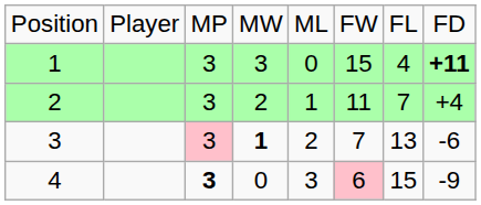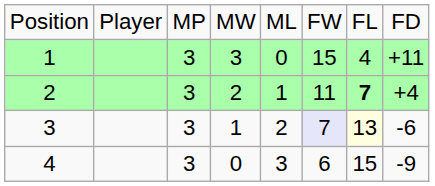 <table class="wikitable" style="text-align: center;">
 <tr>
 <td>Position</td>
 <td>Player</td>
 <td>MP</td>
 <td>MW</td>
 <td>ML</td>
 <td>FW</td>
 <td>FL</td>
 <td>FD</td>
 </tr>
 <tr style="background:#afa;">
 <td>1</td>
 <td style="text-align:left;"></td>
 <td>3</td>
 <td>3</td>
 <td>0</td>
 <td>15</td>
 <td>4</td>
-<td><strong>+11</strong></td>
+<td>+11</td>
 </tr>
 <tr style="background:#afa;">
 <td>2</td>
 <td style="text-align:left;"></td>
 <td>3</td>
 <td>2</td>
 <td>1</td>
 <td>11</td>
-<td>7</td>
+<td><strong>7</strong></td>
 <td>+4</td>
 </tr>
 <tr>
 <td>3</td>
 <td style="text-align:left;"></td>
-<td style="background: pink;">3</td>
-<td><strong>1</strong></td>
+<td>3</td>
+<td>1</td>
 <td>2</td>
-<td>7</td>
-<td>13</td>
+<td style="background: lavender;">7</td>
+<td style="background: lightyellow;">13</td>
 <td>-6</td>
 </tr>
 <tr>
 <td>4</td>
 <td style="text-align:left;"></td>
-<td><strong>3</strong></td>
+<td>3</td>
 <td>0</td>
 <td>3</td>
-<td style="background: pink;">6</td>
+<td>6</td>
 <td>15</td>
 <td>-9</td>
 </tr>
 </table>
